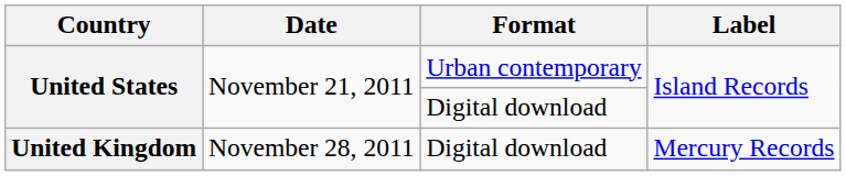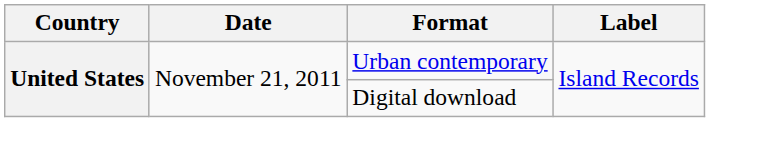 <table class="wikitable plainrowheaders">
 <tr>
 <th scope="col">Country</th>
 <th scope="col">Date</th>
 <th scope="col">Format</th>
 <th scope="col">Label</th>
 </tr>
 <tr>
 <th scope="row" rowspan="2">United States</th>
 <td rowspan="2">November 21, 2011</td>
 <td><a href='#'>Urban contemporary</a></td>
 <td rowspan="2"><a href='#'>Island Records</a></td>
 </tr>
 <tr>
 <td>Digital download</td>
 </tr>
-<tr>
-<th scope="row">United Kingdom</th>
-<td>November 28, 2011</td>
-<td>Digital download</td>
-<td><a href='#'>Mercury Records</a></td>
-</tr>
 </table>
